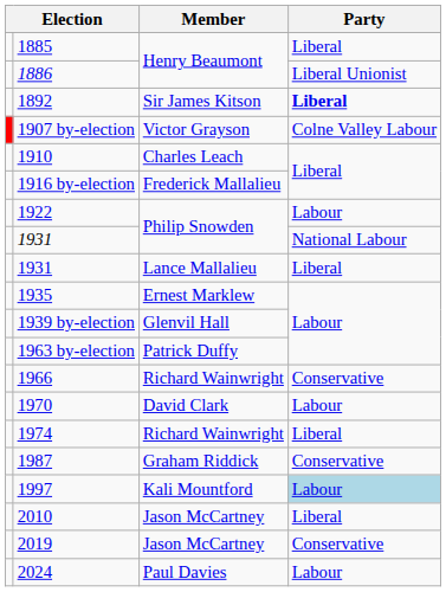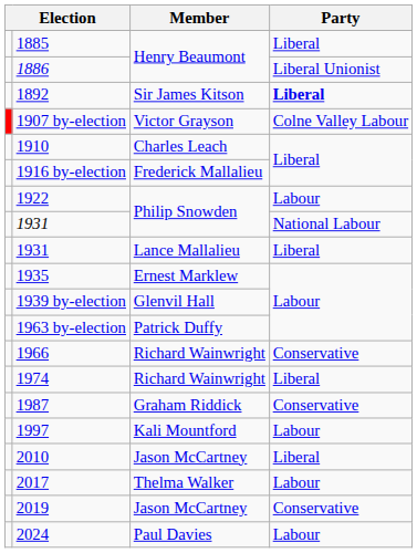 <table class="wikitable">
 <tr>
 <th colspan="2">Election</th>
 <th>Member</th>
 <th>Party</th>
 </tr>
 <tr>
 <td style="color:inherit;background-color: "></td>
 <td><a href='#'>1885</a></td>
 <td rowspan="2"><a href='#'>Henry Beaumont</a></td>
 <td><a href='#'>Liberal</a></td>
 </tr>
 <tr>
 <td style="color:inherit;background-color: "></td>
 <td><em><a href='#'>1886</a></em></td>
 <td><a href='#'>Liberal Unionist</a></td>
 </tr>
 <tr>
 <td style="color:inherit;background-color: "></td>
 <td><a href='#'>1892</a></td>
 <td><a href='#'>Sir James Kitson</a></td>
 <td><strong><a href='#'>Liberal</a></strong></td>
 </tr>
 <tr>
 <td style="color:inherit;background-color: red"></td>
 <td><a href='#'>1907 by-election</a></td>
 <td><a href='#'>Victor Grayson</a></td>
 <td><a href='#'>Colne Valley Labour</a></td>
 </tr>
 <tr>
 <td style="color:inherit;background-color: "></td>
 <td><a href='#'>1910</a></td>
 <td><a href='#'>Charles Leach</a></td>
 <td rowspan="2"><a href='#'>Liberal</a></td>
 </tr>
 <tr>
 <td style="color:inherit;background-color: "></td>
 <td><a href='#'>1916 by-election</a></td>
 <td><a href='#'>Frederick Mallalieu</a></td>
 </tr>
 <tr>
 <td style="color:inherit;background-color: "></td>
 <td><a href='#'>1922</a></td>
 <td rowspan=2><a href='#'>Philip Snowden</a></td>
 <td><a href='#'>Labour</a></td>
 </tr>
 <tr>
 <td style="color:inherit;background-color: "></td>
 <td><em>1931</em></td>
 <td><a href='#'>National Labour</a></td>
 </tr>
 <tr>
 <td style="color:inherit;background-color: "></td>
 <td><a href='#'>1931</a></td>
 <td><a href='#'>Lance Mallalieu</a></td>
 <td><a href='#'>Liberal</a></td>
 </tr>
 <tr>
 <td style="color:inherit;background-color: "></td>
 <td><a href='#'>1935</a></td>
 <td><a href='#'>Ernest Marklew</a></td>
 <td rowspan="3"><a href='#'>Labour</a></td>
 </tr>
 <tr>
 <td style="color:inherit;background-color: "></td>
 <td><a href='#'>1939 by-election</a></td>
 <td><a href='#'>Glenvil Hall</a></td>
 </tr>
 <tr>
 <td style="color:inherit;background-color: "></td>
 <td><a href='#'>1963 by-election</a></td>
 <td><a href='#'>Patrick Duffy</a></td>
 </tr>
 <tr>
 <td style="color:inherit;background-color: "></td>
 <td><a href='#'>1966</a></td>
 <td><a href='#'>Richard Wainwright</a></td>
 <td><a href='#'>Conservative</a></td>
 </tr>
 <tr>
 <td style="color:inherit;background-color: "></td>
-<td><a href='#'>1970</a></td>
-<td><a href='#'>David Clark</a></td>
-<td><a href='#'>Labour</a></td>
-</tr>
-<tr>
-<td style="color:inherit;background-color: "></td>
 <td><a href='#'>1974</a></td>
 <td><a href='#'>Richard Wainwright</a></td>
 <td><a href='#'>Liberal</a></td>
 </tr>
 <tr>
 <td style="color:inherit;background-color: "></td>
 <td><a href='#'>1987</a></td>
 <td><a href='#'>Graham Riddick</a></td>
 <td><a href='#'>Conservative</a></td>
 </tr>
 <tr>
 <td style="color:inherit;background-color: "></td>
 <td><a href='#'>1997</a></td>
 <td><a href='#'>Kali Mountford</a></td>
-<td style="background: lightblue;"><a href='#'>Labour</a></td>
+<td><a href='#'>Labour</a></td>
 </tr>
 <tr>
 <td style="color:inherit;background-color: "></td>
 <td><a href='#'>2010</a></td>
 <td><a href='#'>Jason McCartney</a></td>
 <td><a href='#'>Liberal</a></td>
+</tr>
+<tr>
+<td style="color:inherit;background-color: "></td>
+<td><a href='#'>2017</a></td>
+<td><a href='#'>Thelma Walker</a></td>
+<td><a href='#'>Labour</a></td>
 </tr>
 <tr>
 <td style="color:inherit;background-color: "></td>
 <td><a href='#'>2019</a></td>
 <td><a href='#'>Jason McCartney</a></td>
 <td><a href='#'>Conservative</a></td>
 </tr>
 <tr>
 <td style="color:inherit;background-color: "></td>
 <td><a href='#'>2024</a></td>
 <td><a href='#'>Paul Davies</a></td>
 <td><a href='#'>Labour</a></td>
 </tr>
 </table>
